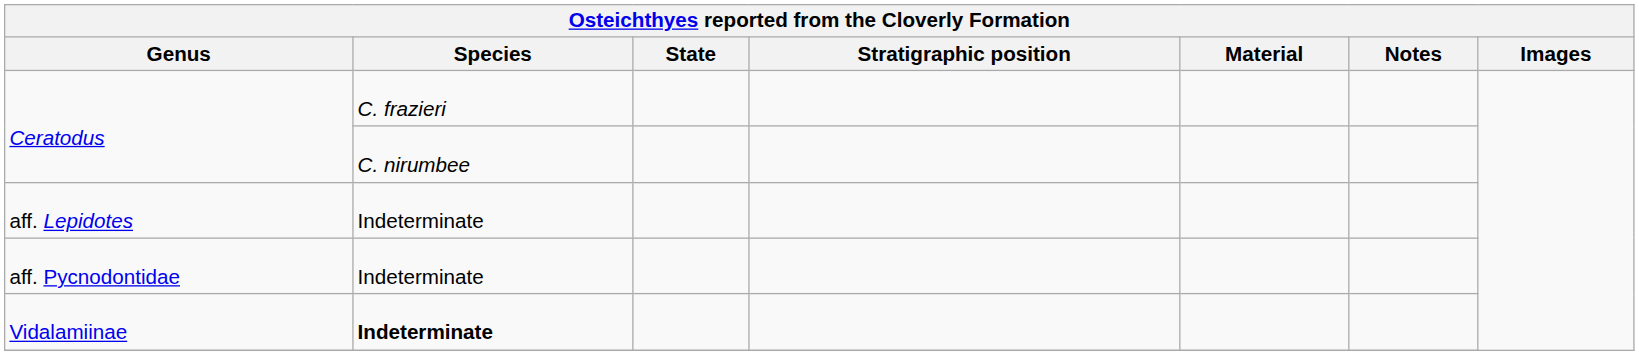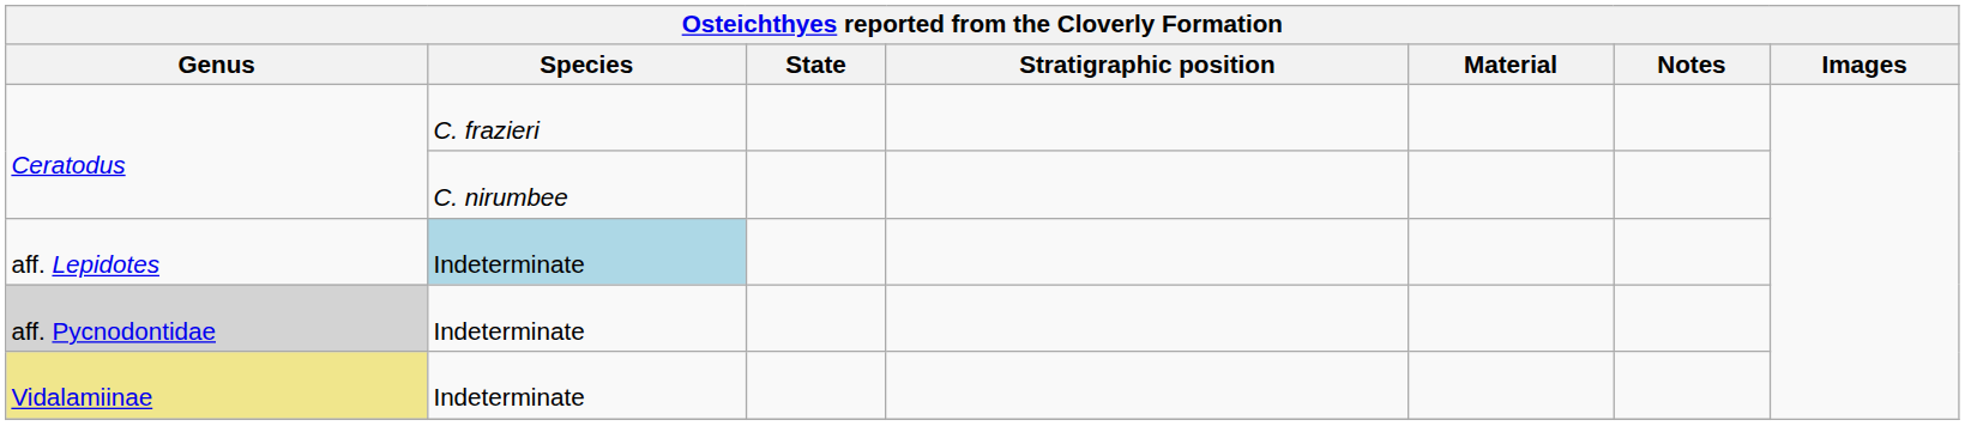 <table class="wikitable" align="center" width="100%">
 <tr>
 <th colspan="7" align="center"><strong><a href='#'>Osteichthyes</a> reported from the Cloverly Formation</strong></th>
 </tr>
 <tr>
 <th>Genus</th>
 <th>Species</th>
 <th>State</th>
 <th>Stratigraphic position</th>
 <th>Material</th>
 <th>Notes</th>
 <th>Images</th>
 </tr>
 <tr>
 <td rowspan=2><br><em><a href='#'>Ceratodus</a></em></td>
 <td><br><em>C. frazieri</em></td>
 <td></td>
 <td></td>
 <td></td>
 <td></td>
 <td rowspan="99"><br></td>
 </tr>
 <tr>
 <td><br><em>C. nirumbee</em></td>
 <td></td>
 <td></td>
 <td></td>
 <td></td>
 </tr>
 <tr>
 <td><br>aff. <em><a href='#'>Lepidotes</a></em></td>
+<td style="background: lightblue;"><br>Indeterminate</td>
+<td></td>
+<td></td>
+<td></td>
+<td></td>
+</tr>
+<tr>
+<td style="background: lightgrey;"><br>aff. <a href='#'>Pycnodontidae</a></td>
 <td><br>Indeterminate</td>
 <td></td>
 <td></td>
 <td></td>
 <td></td>
 </tr>
 <tr>
-<td><br>aff. <a href='#'>Pycnodontidae</a></td>
+<td style="background: khaki;"><br><a href='#'>Vidalamiinae</a></td>
 <td><br>Indeterminate</td>
-<td></td>
-<td></td>
-<td></td>
-<td></td>
-</tr>
-<tr>
-<td><br><a href='#'>Vidalamiinae</a></td>
-<td><strong><br>Indeterminate</strong></td>
 <td></td>
 <td></td>
 <td></td>
 <td></td>
 </tr>
 <tr>
 </tr>
 </table>
